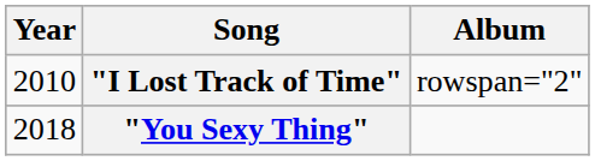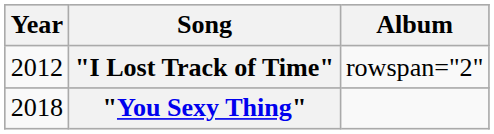 <table class="wikitable plainrowheaders" style=text-align:center;>
 <tr>
 <th>Year</th>
 <th>Song</th>
 <th>Album</th>
 </tr>
 <tr>
-<td>2010</td>
+<td>2012</td>
 <th scope="row">"I Lost Track of Time"</th>
 <td>rowspan="2" </td>
 </tr>
 <tr>
 <td>2018</td>
 <th scope="row">"<a href='#'>You Sexy Thing</a>"</th>
 </tr>
 </table>
